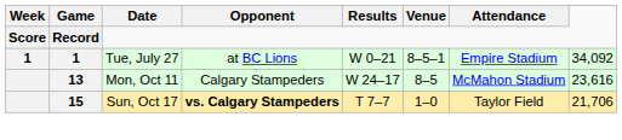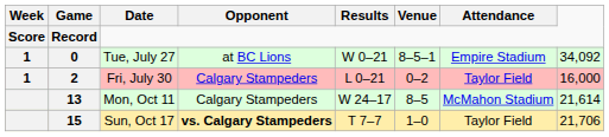 <table class="wikitable" style="text-align:center">
 <tr>
 <th>Week</th>
 <th>Game</th>
 <th>Date</th>
 <th>Opponent</th>
 <th>Results</th>
 <th>Venue</th>
 <th>Attendance</th>
 </tr>
 <tr>
 <th>Score</th>
 <th>Record</th>
 </tr>
 <tr style="background:#ddffdd">
 <th>1</th>
-<th>1</th>
+<th>0</th>
 <td>Tue, July 27</td>
 <td>at <a href='#'>BC Lions</a></td>
 <td>W 0–21</td>
 <td>8–5–1</td>
 <td><a href='#'>Empire Stadium</a></td>
 <td>34,092</td>
+</tr>
+<tr style="background:#ffbbbb">
+<th>1</th>
+<th>2</th>
+<td>Fri, July 30</td>
+<td><a href='#'>Calgary Stampeders</a></td>
+<td>L 0–21</td>
+<td>0–2</td>
+<td><a href='#'>Taylor Field</a></td>
+<td>16,000</td>
 </tr>
 <tr style="background:#ddffdd">
 <th></th>
 <th>13</th>
 <td>Mon, Oct 11</td>
 <td>Calgary Stampeders</td>
 <td>W 24–17</td>
 <td>8–5</td>
 <td><a href='#'>McMahon Stadium</a></td>
-<td>23,616</td>
+<td>21,614</td>
 </tr>
 <tr style="background:#ffeeaa">
 <th></th>
 <th>15</th>
 <td>Sun, Oct 17</td>
 <td><strong>vs. Calgary Stampeders</strong></td>
 <td>T 7–7</td>
 <td>1–0</td>
 <td>Taylor Field</td>
 <td>21,706</td>
 </tr>
 </table>
